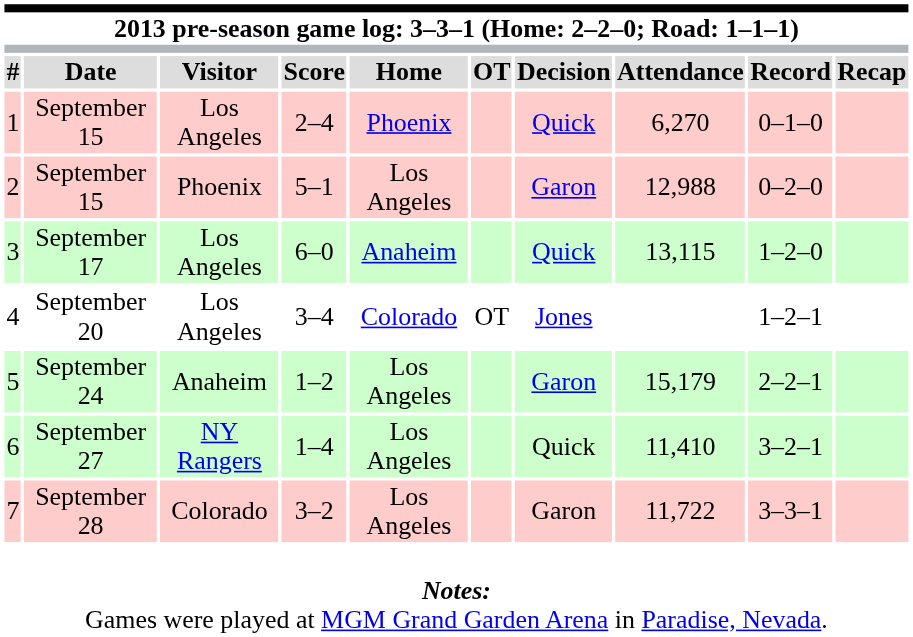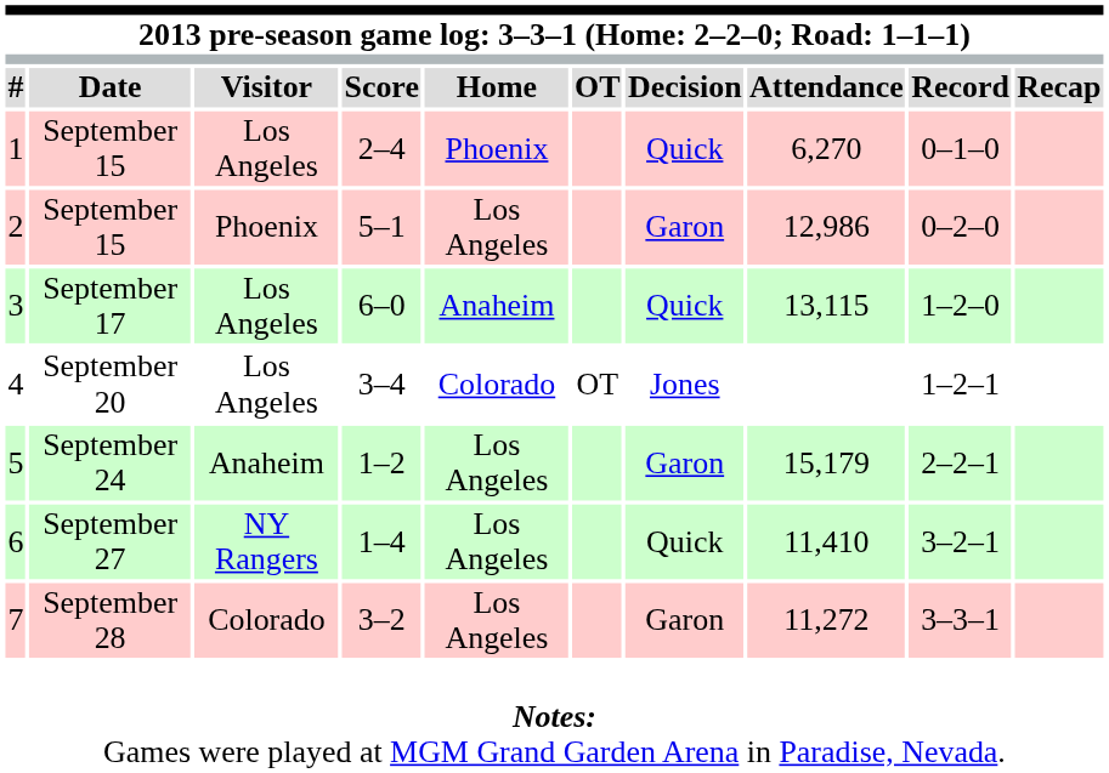 <table class="toccolours collapsible collapsed"  style="width:90%; clear:both; margin:1.5em auto; text-align:center;">
 <tr>
 <th colspan="10" style="background:#fff; border-top:#000 5px solid; border-bottom:#afb7ba 5px solid;">2013 pre-season game log: 3–3–1 (Home: 2–2–0; Road: 1–1–1)</th>
 </tr>
 <tr style="text-align:center; background:#ddd;">
 <th>#</th>
 <th>Date</th>
 <th>Visitor</th>
 <th>Score</th>
 <th>Home</th>
 <th>OT</th>
 <th>Decision</th>
 <th>Attendance</th>
 <th>Record</th>
 <th>Recap</th>
 </tr>
 <tr style="text-align:center; background:#fcc;">
 <td>1</td>
 <td>September 15</td>
 <td>Los Angeles</td>
 <td>2–4</td>
 <td><a href='#'>Phoenix</a></td>
 <td></td>
 <td><a href='#'>Quick</a></td>
 <td>6,270</td>
 <td>0–1–0</td>
 <td></td>
 </tr>
 <tr style="text-align:center; background:#fcc;">
 <td>2</td>
 <td>September 15</td>
 <td>Phoenix</td>
 <td>5–1</td>
 <td>Los Angeles</td>
 <td></td>
 <td><a href='#'>Garon</a></td>
-<td>12,988</td>
+<td>12,986</td>
 <td>0–2–0</td>
 <td></td>
 </tr>
 <tr style="text-align:center; background:#cfc;">
 <td>3</td>
 <td>September 17</td>
 <td>Los Angeles</td>
 <td>6–0</td>
 <td><a href='#'>Anaheim</a></td>
 <td></td>
 <td><a href='#'>Quick</a></td>
 <td>13,115</td>
 <td>1–2–0</td>
 <td></td>
 </tr>
 <tr style="text-align:center; background:#fff;">
 <td>4</td>
 <td>September 20</td>
 <td>Los Angeles</td>
 <td>3–4</td>
 <td><a href='#'>Colorado</a></td>
 <td>OT</td>
 <td><a href='#'>Jones</a></td>
 <td></td>
 <td>1–2–1</td>
 <td></td>
 </tr>
 <tr style="text-align:center; background:#cfc;">
 <td>5</td>
 <td>September 24</td>
 <td>Anaheim</td>
 <td>1–2</td>
 <td>Los Angeles</td>
 <td></td>
 <td><a href='#'>Garon</a></td>
 <td>15,179</td>
 <td>2–2–1</td>
 <td></td>
 </tr>
 <tr style="text-align:center; background:#cfc;">
 <td>6</td>
 <td>September 27</td>
 <td><a href='#'>NY Rangers</a></td>
 <td>1–4</td>
 <td>Los Angeles</td>
 <td></td>
 <td>Quick</td>
 <td>11,410</td>
 <td>3–2–1</td>
 <td></td>
 </tr>
 <tr style="text-align:center; background:#fcc;">
 <td>7</td>
 <td>September 28</td>
 <td>Colorado</td>
 <td>3–2</td>
 <td>Los Angeles</td>
 <td></td>
 <td>Garon</td>
-<td>11,722</td>
+<td>11,272</td>
 <td>3–3–1</td>
 <td></td>
 </tr>
 <tr>
 <td colspan="10" style="text-align:center;"><br><strong><em>Notes:</em></strong><br> Games were played at <a href='#'>MGM Grand Garden Arena</a> in <a href='#'>Paradise, Nevada</a>.</td>
 </tr>
 </table>
